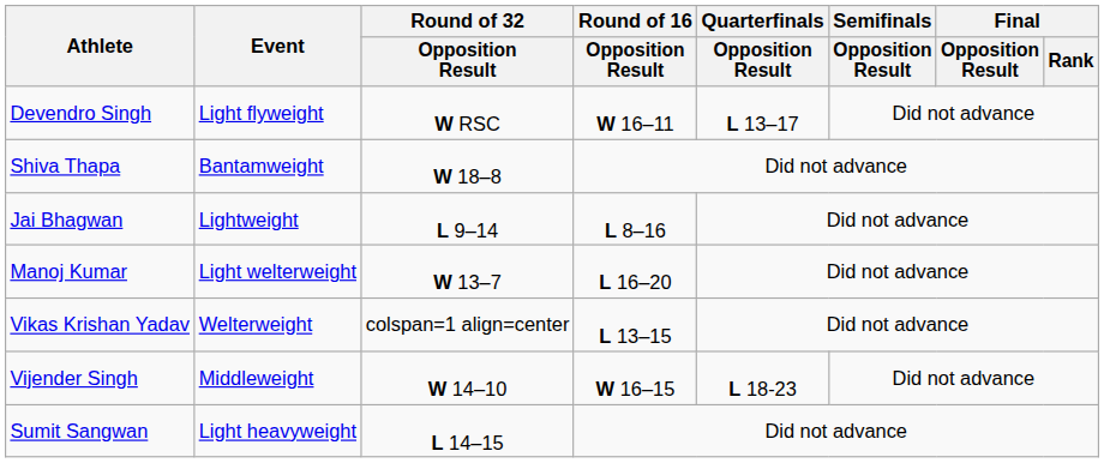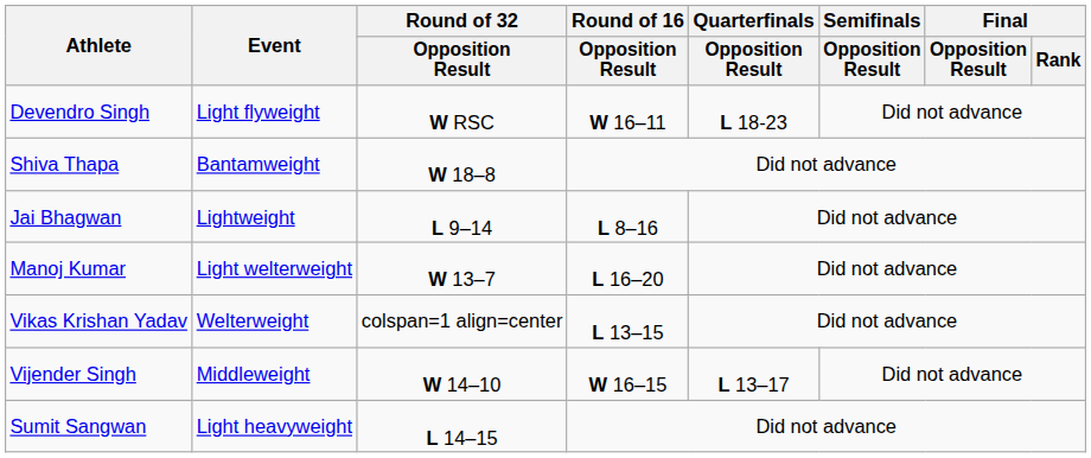 <table class="wikitable" style="font-size:90%;">
 <tr>
 <th rowspan=2>Athlete</th>
 <th rowspan=2>Event</th>
 <th>Round of 32</th>
 <th>Round of 16</th>
 <th>Quarterfinals</th>
 <th>Semifinals</th>
 <th colspan=2>Final</th>
 </tr>
 <tr style="font-size:95%">
 <th>Opposition<br>Result</th>
 <th>Opposition<br>Result</th>
 <th>Opposition<br>Result</th>
 <th>Opposition<br>Result</th>
 <th>Opposition<br>Result</th>
 <th>Rank</th>
 </tr>
 <tr>
 <td><a href='#'>Devendro Singh</a></td>
 <td><a href='#'>Light flyweight</a></td>
 <td align=center> <br><strong>W</strong> RSC</td>
 <td align=center> <br> <strong>W</strong> 16–11</td>
-<td align=center><br> <strong>L</strong> 13–17</td>
+<td align=center> <br> <strong>L</strong> 18-23</td>
 <td style="text-align:center;" colspan="5">Did not advance</td>
 </tr>
 <tr>
 <td><a href='#'>Shiva Thapa</a></td>
 <td><a href='#'>Bantamweight</a></td>
 <td align=center> <br><strong>W</strong> 18–8</td>
 <td style="text-align:center;" colspan="5">Did not advance</td>
 </tr>
 <tr>
 <td><a href='#'>Jai Bhagwan</a></td>
 <td><a href='#'>Lightweight</a></td>
 <td align=center> <br><strong>L</strong> 9–14</td>
 <td align=center> <br><strong>L</strong> 8–16</td>
 <td style="text-align:center;" colspan="4">Did not advance</td>
 </tr>
 <tr>
 <td><a href='#'>Manoj Kumar</a></td>
 <td><a href='#'>Light welterweight</a></td>
 <td align=center> <br><strong>W</strong> 13–7</td>
 <td align=center> <br><strong>L</strong> 16–20</td>
 <td style="text-align:center;" colspan="4">Did not advance</td>
 </tr>
 <tr>
 <td><a href='#'>Vikas Krishan Yadav</a></td>
 <td><a href='#'>Welterweight</a></td>
 <td>colspan=1 align=center </td>
 <td align=center><br> <strong>L</strong> 13–15</td>
 <td style="text-align:center;" colspan="4">Did not advance</td>
 </tr>
 <tr>
 <td><a href='#'>Vijender Singh</a></td>
 <td><a href='#'>Middleweight</a></td>
 <td align=center>  <br><strong>W</strong> 14–10</td>
 <td align=center> <br> <strong>W</strong> 16–15</td>
-<td align=center> <br> <strong>L</strong> 18-23</td>
+<td align=center><br> <strong>L</strong> 13–17</td>
 <td style="text-align:center;" colspan="3">Did not advance</td>
 </tr>
 <tr>
 <td><a href='#'>Sumit Sangwan</a></td>
 <td><a href='#'>Light heavyweight</a></td>
 <td align=center> <br> <strong>L</strong> 14–15</td>
 <td style="text-align:center;" colspan="5">Did not advance</td>
 </tr>
 </table>
